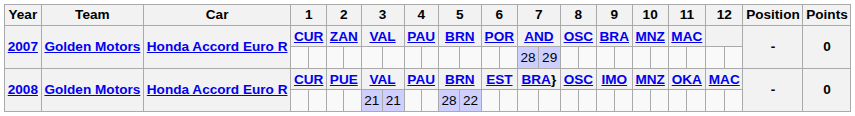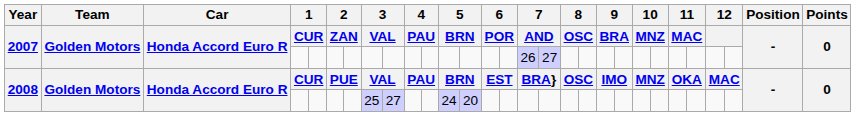 <table class="wikitable" style="text-align:center; font-size:85%">
 <tr>
 <th>Year</th>
 <th>Team</th>
 <th>Car</th>
 <th colspan=2>1</th>
 <th colspan=2>2</th>
 <th colspan=2>3</th>
 <th colspan=2>4</th>
 <th colspan=2>5</th>
 <th colspan=2>6</th>
 <th colspan=2>7</th>
 <th colspan=2>8</th>
 <th colspan=2>9</th>
 <th colspan=2>10</th>
 <th colspan=2>11</th>
 <th colspan=2>12</th>
 <th>Position</th>
 <th>Points</th>
 </tr>
 <tr>
 <th rowspan=2><a href='#'>2007</a></th>
 <th rowspan=2><a href='#'>Golden Motors</a></th>
 <th rowspan=2><a href='#'>Honda Accord Euro R</a></th>
 <th colspan=2><a href='#'>CUR</a></th>
 <th colspan=2><a href='#'>ZAN</a></th>
 <th colspan=2><a href='#'>VAL</a></th>
 <th colspan=2><a href='#'>PAU</a></th>
 <th colspan=2><a href='#'>BRN</a></th>
 <th colspan=2><a href='#'>POR</a></th>
 <th colspan=2><a href='#'>AND</a></th>
 <th colspan=2><a href='#'>OSC</a></th>
 <th colspan=2><a href='#'>BRA</a></th>
 <th colspan=2><a href='#'>MNZ</a></th>
 <th colspan=2><a href='#'>MAC</a></th>
 <th colspan=2></th>
 <th rowspan=2>-</th>
 <th rowspan=2>0</th>
 </tr>
 <tr>
 <td></td>
 <td></td>
 <td></td>
 <td></td>
 <td></td>
 <td></td>
 <td></td>
 <td></td>
 <td></td>
 <td></td>
 <td></td>
 <td></td>
-<td style="background:#cfcfff;">28</td>
-<td style="background:#cfcfff;">29</td>
+<td style="background:#cfcfff;">26</td>
+<td style="background:#cfcfff;">27</td>
 <td></td>
 <td></td>
 <td></td>
 <td></td>
 <td></td>
 <td></td>
 <td></td>
 <td></td>
 <td></td>
 <td></td>
 </tr>
 <tr>
 <th rowspan=2><a href='#'>2008</a></th>
 <th rowspan=2><a href='#'>Golden Motors</a></th>
 <th rowspan=2><a href='#'>Honda Accord Euro R</a></th>
 <th colspan=2><a href='#'>CUR</a></th>
 <th colspan=2><a href='#'>PUE</a></th>
 <th colspan=2><a href='#'>VAL</a></th>
 <th colspan=2><a href='#'>PAU</a></th>
 <th colspan=2><a href='#'>BRN</a></th>
 <th colspan=2><a href='#'>EST</a></th>
 <th colspan=2><a href='#'>BRA</a>}</th>
 <th colspan=2><a href='#'>OSC</a></th>
 <th colspan=2><a href='#'>IMO</a></th>
 <th colspan=2><a href='#'>MNZ</a></th>
 <th colspan=2><a href='#'>OKA</a></th>
 <th colspan=2><a href='#'>MAC</a></th>
 <th rowspan=2>-</th>
 <th rowspan=2>0</th>
 </tr>
 <tr>
 <td></td>
 <td></td>
 <td></td>
 <td></td>
-<td style="background:#cfcfff;">21</td>
-<td style="background:#cfcfff;">21</td>
+<td style="background:#cfcfff;">25</td>
+<td style="background:#cfcfff;">27</td>
 <td></td>
 <td></td>
-<td style="background:#cfcfff;">28</td>
-<td style="background:#cfcfff;">22</td>
+<td style="background:#cfcfff;">24</td>
+<td style="background:#cfcfff;">20</td>
 <td></td>
 <td></td>
 <td></td>
 <td></td>
 <td></td>
 <td></td>
 <td></td>
 <td></td>
 <td></td>
 <td></td>
 <td></td>
 <td></td>
 <td></td>
 <td></td>
 </tr>
 </table>
